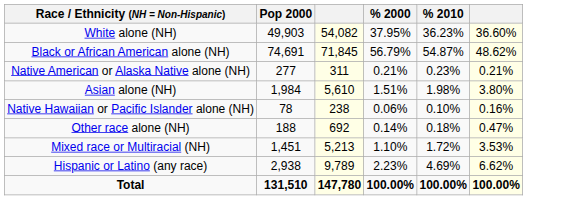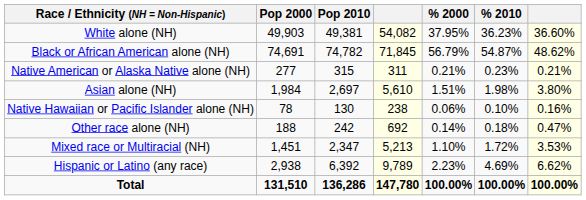 <table class="wikitable" style="text-align:center;">
 <tr>
 <th>Race / Ethnicity <small>(<em>NH = Non-Hispanic</em>)</small></th>
 <th>Pop 2000</th>
+<th>Pop 2010</th>
 <th></th>
 <th>% 2000</th>
 <th>% 2010</th>
 <th></th>
 </tr>
 <tr>
 <td><a href='#'>White</a> alone (NH)</td>
 <td>49,903</td>
+<td>49,381</td>
 <td style='background: #ffffe6;'>54,082</td>
 <td>37.95%</td>
 <td>36.23%</td>
 <td style='background: #ffffe6;'>36.60%</td>
 </tr>
 <tr>
 <td><a href='#'>Black or African American</a> alone (NH)</td>
 <td>74,691</td>
+<td>74,782</td>
 <td style='background: #ffffe6;'>71,845</td>
 <td>56.79%</td>
 <td>54.87%</td>
 <td style='background: #ffffe6;'>48.62%</td>
 </tr>
 <tr>
 <td><a href='#'>Native American</a> or <a href='#'>Alaska Native</a> alone (NH)</td>
 <td>277</td>
+<td>315</td>
 <td style='background: #ffffe6;'>311</td>
 <td>0.21%</td>
 <td>0.23%</td>
 <td style='background: #ffffe6;'>0.21%</td>
 </tr>
 <tr>
 <td><a href='#'>Asian</a> alone (NH)</td>
 <td>1,984</td>
+<td>2,697</td>
 <td style='background: #ffffe6;'>5,610</td>
 <td>1.51%</td>
 <td>1.98%</td>
 <td style='background: #ffffe6;'>3.80%</td>
 </tr>
 <tr>
 <td><a href='#'>Native Hawaiian</a> or <a href='#'>Pacific Islander</a> alone (NH)</td>
 <td>78</td>
+<td>130</td>
 <td style='background: #ffffe6;'>238</td>
 <td>0.06%</td>
 <td>0.10%</td>
 <td style='background: #ffffe6;'>0.16%</td>
 </tr>
 <tr>
 <td><a href='#'>Other race</a> alone (NH)</td>
 <td>188</td>
+<td>242</td>
 <td style='background: #ffffe6;'>692</td>
 <td>0.14%</td>
 <td>0.18%</td>
 <td style='background: #ffffe6;'>0.47%</td>
 </tr>
 <tr>
 <td><a href='#'>Mixed race or Multiracial</a> (NH)</td>
 <td>1,451</td>
+<td>2,347</td>
 <td style='background: #ffffe6;'>5,213</td>
 <td>1.10%</td>
 <td>1.72%</td>
 <td style='background: #ffffe6;'>3.53%</td>
 </tr>
 <tr>
 <td><a href='#'>Hispanic or Latino</a> (any race)</td>
 <td>2,938</td>
+<td>6,392</td>
 <td style='background: #ffffe6;'>9,789</td>
 <td>2.23%</td>
 <td>4.69%</td>
 <td style='background: #ffffe6;'>6.62%</td>
 </tr>
 <tr>
 <td><strong>Total</strong></td>
 <td><strong>131,510</strong></td>
+<td><strong>136,286</strong></td>
 <td style='background: #ffffe6;'><strong>147,780</strong></td>
 <td><strong>100.00%</strong></td>
 <td><strong>100.00%</strong></td>
 <td style='background: #ffffe6;'><strong>100.00%</strong></td>
 </tr>
 </table>
